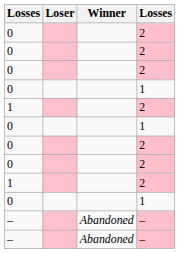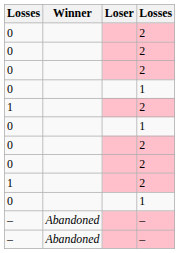 <table class=wikitable>
 <tr>
 <th>Losses</th>
+<th>Winner</th>
 <th>Loser</th>
-<th>Winner</th>
 <th>Losses</th>
 </tr>
 <tr>
 <td>0</td>
+<td></td>
 <td bgcolor=pink></td>
-<td></td>
 <td bgcolor=pink>2</td>
 </tr>
 <tr>
 <td>0</td>
+<td></td>
 <td bgcolor=pink></td>
-<td></td>
 <td bgcolor=pink>2</td>
 </tr>
 <tr>
 <td>0</td>
+<td></td>
 <td bgcolor=pink></td>
-<td></td>
 <td bgcolor=pink>2</td>
 </tr>
 <tr>
 <td>0</td>
 <td></td>
 <td></td>
 <td>1</td>
 </tr>
 <tr>
 <td>1</td>
+<td></td>
 <td bgcolor=pink></td>
-<td></td>
 <td bgcolor=pink>2</td>
 </tr>
 <tr>
 <td>0</td>
 <td></td>
 <td></td>
 <td>1</td>
 </tr>
 <tr>
 <td>0</td>
+<td></td>
 <td bgcolor=pink></td>
-<td></td>
 <td bgcolor=pink>2</td>
 </tr>
 <tr>
 <td>0</td>
+<td></td>
 <td bgcolor=pink></td>
-<td></td>
 <td bgcolor=pink>2</td>
 </tr>
 <tr>
 <td>1</td>
+<td></td>
 <td bgcolor=pink></td>
-<td></td>
 <td bgcolor=pink>2</td>
 </tr>
 <tr>
 <td>0</td>
 <td></td>
 <td></td>
 <td>1</td>
 </tr>
 <tr>
 <td>–</td>
+<td><em>Abandoned</em></td>
 <td bgcolor=pink></td>
-<td><em>Abandoned</em></td>
 <td bgcolor=pink>–</td>
 </tr>
 <tr>
 <td>–</td>
+<td><em>Abandoned</em></td>
 <td bgcolor=pink></td>
-<td><em>Abandoned</em></td>
 <td bgcolor=pink>–</td>
 </tr>
 </table>
